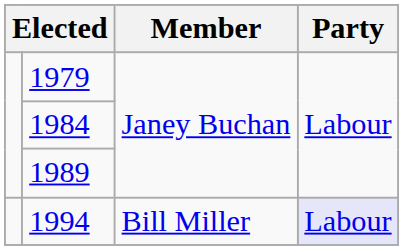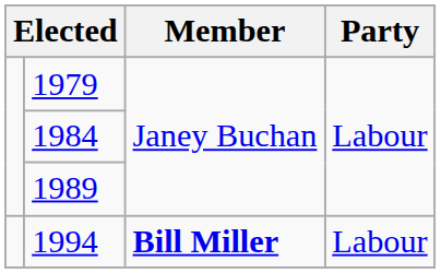 <table class="wikitable">
 <tr>
 <th colspan="2">Elected</th>
 <th>Member</th>
 <th>Party</th>
 </tr>
 <tr>
 <td rowspan="3" style="background-color: "></td>
 <td><a href='#'>1979</a></td>
 <td rowspan="3"><a href='#'>Janey Buchan</a></td>
 <td rowspan="3"><a href='#'>Labour</a></td>
 </tr>
 <tr>
 <td><a href='#'>1984</a></td>
 </tr>
 <tr>
 <td><a href='#'>1989</a></td>
 </tr>
 <tr>
 <td style="background-color: "></td>
 <td><a href='#'>1994</a></td>
-<td><a href='#'>Bill Miller</a></td>
-<td style="background: lavender;"><a href='#'>Labour</a></td>
+<td><strong><a href='#'>Bill Miller</a></strong></td>
+<td><a href='#'>Labour</a></td>
 </tr>
 </table>
